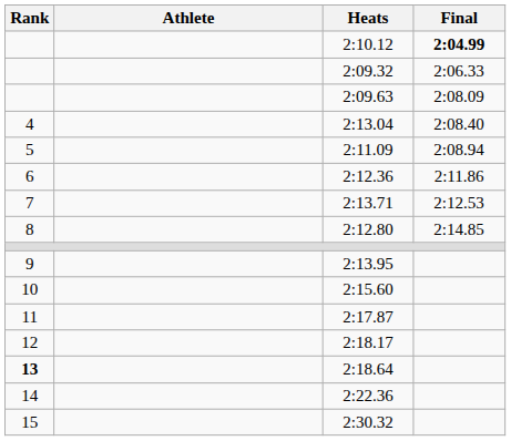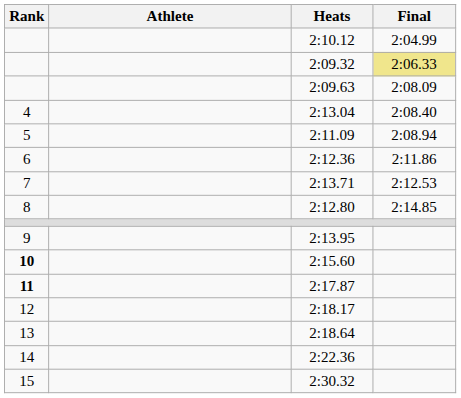 <table class=wikitable style="text-align:center">
 <tr>
 <th width=40>Rank</th>
 <th width=250>Athlete</th>
 <th width=80>Heats</th>
 <th width=80>Final</th>
 </tr>
 <tr>
 <td></td>
 <td align=left></td>
 <td>2:10.12</td>
-<td><strong>2:04.99</strong></td>
+<td>2:04.99</td>
 </tr>
 <tr>
 <td></td>
 <td align=left></td>
 <td>2:09.32</td>
-<td>2:06.33</td>
+<td style="background: khaki;">2:06.33</td>
 </tr>
 <tr>
 <td></td>
 <td align=left></td>
 <td>2:09.63</td>
 <td>2:08.09</td>
 </tr>
 <tr>
 <td>4</td>
 <td align=left></td>
 <td>2:13.04</td>
 <td>2:08.40</td>
 </tr>
 <tr>
 <td>5</td>
 <td align=left></td>
 <td>2:11.09</td>
 <td>2:08.94</td>
 </tr>
 <tr>
 <td>6</td>
 <td align=left></td>
 <td>2:12.36</td>
 <td>2:11.86</td>
 </tr>
 <tr>
 <td>7</td>
 <td align=left></td>
 <td>2:13.71</td>
 <td>2:12.53</td>
 </tr>
 <tr>
 <td>8</td>
 <td align=left></td>
 <td>2:12.80</td>
 <td>2:14.85</td>
 </tr>
 <tr bgcolor=#DDDDDD>
 <td colspan=4></td>
 </tr>
 <tr>
 <td>9</td>
 <td align=left></td>
 <td>2:13.95</td>
 <td></td>
 </tr>
 <tr>
-<td>10</td>
+<td><strong>10</strong></td>
 <td align=left></td>
 <td>2:15.60</td>
 <td></td>
 </tr>
 <tr>
-<td>11</td>
+<td><strong>11</strong></td>
 <td align=left></td>
 <td>2:17.87</td>
 <td></td>
 </tr>
 <tr>
 <td>12</td>
 <td align=left></td>
 <td>2:18.17</td>
 <td></td>
 </tr>
 <tr>
-<td><strong>13</strong></td>
+<td>13</td>
 <td align=left></td>
 <td>2:18.64</td>
 <td></td>
 </tr>
 <tr>
 <td>14</td>
 <td align=left></td>
 <td>2:22.36</td>
 <td></td>
 </tr>
 <tr>
 <td>15</td>
 <td align=left></td>
 <td>2:30.32</td>
 <td></td>
 </tr>
 </table>
